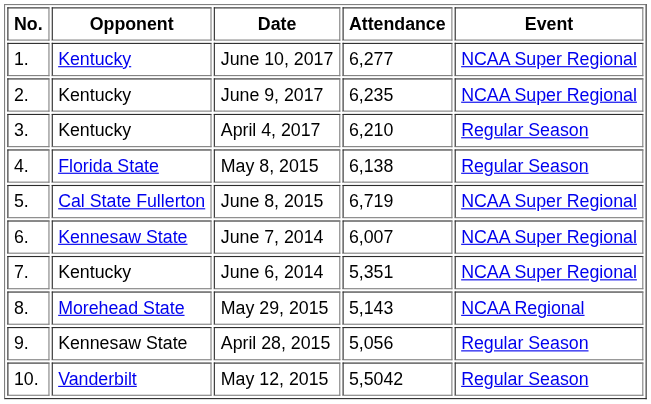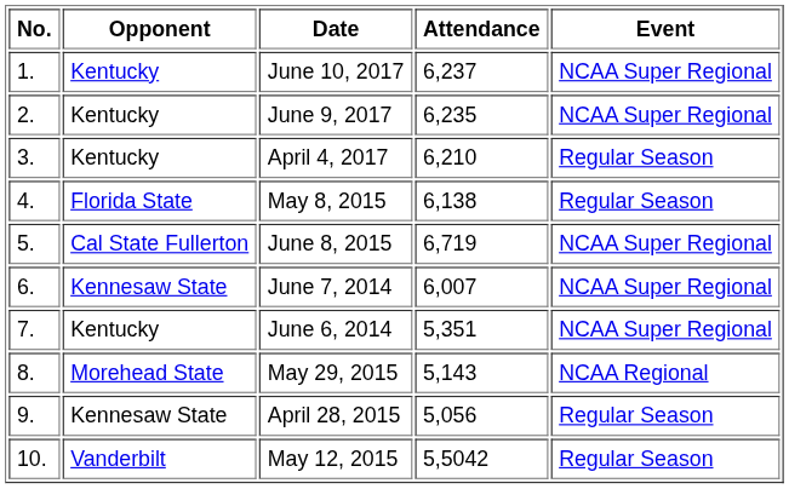 <table border="1" cellpadding="5">
 <tr>
 <th>No.</th>
 <th>Opponent</th>
 <th>Date</th>
 <th>Attendance</th>
 <th>Event</th>
 </tr>
 <tr>
 <td>1.</td>
 <td><a href='#'>Kentucky</a></td>
 <td>June 10, 2017</td>
-<td>6,277</td>
+<td>6,237</td>
 <td><a href='#'>NCAA Super Regional</a></td>
 </tr>
 <tr>
 <td>2.</td>
 <td>Kentucky</td>
 <td>June 9, 2017</td>
 <td>6,235</td>
 <td><a href='#'>NCAA Super Regional</a></td>
 </tr>
 <tr>
 <td>3.</td>
 <td>Kentucky</td>
 <td>April 4, 2017</td>
 <td>6,210</td>
 <td><a href='#'>Regular Season</a></td>
 </tr>
 <tr>
 <td>4.</td>
 <td><a href='#'>Florida State</a></td>
 <td>May 8, 2015</td>
 <td>6,138</td>
 <td><a href='#'>Regular Season</a></td>
 </tr>
 <tr>
 <td>5.</td>
 <td><a href='#'>Cal State Fullerton</a></td>
 <td>June 8, 2015</td>
 <td>6,719</td>
 <td><a href='#'>NCAA Super Regional</a></td>
 </tr>
 <tr>
 <td>6.</td>
 <td><a href='#'>Kennesaw State</a></td>
 <td>June 7, 2014</td>
 <td>6,007</td>
 <td><a href='#'>NCAA Super Regional</a></td>
 </tr>
 <tr>
 <td>7.</td>
 <td>Kentucky</td>
 <td>June 6, 2014</td>
 <td>5,351</td>
 <td><a href='#'>NCAA Super Regional</a></td>
 </tr>
 <tr>
 <td>8.</td>
 <td><a href='#'>Morehead State</a></td>
 <td>May 29, 2015</td>
 <td>5,143</td>
 <td><a href='#'>NCAA Regional</a></td>
 </tr>
 <tr>
 <td>9.</td>
 <td>Kennesaw State</td>
 <td>April 28, 2015</td>
 <td>5,056</td>
 <td><a href='#'>Regular Season</a></td>
 </tr>
 <tr>
 <td>10.</td>
 <td><a href='#'>Vanderbilt</a></td>
 <td>May 12, 2015</td>
 <td>5,5042</td>
 <td><a href='#'>Regular Season</a></td>
 </tr>
 </table>
